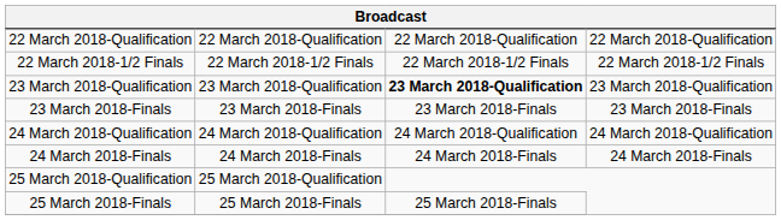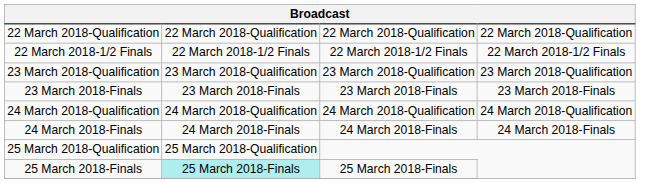 <table class=wikitable style="text-align:center;">
 <tr>
 <th colspan=4>Broadcast</th>
 </tr>
 <tr style="border-top: 2px solid #333333;">
 </tr>
 <tr>
 <td>22 March 2018-Qualification </td>
 <td>22 March 2018-Qualification </td>
 <td>22 March 2018-Qualification </td>
 <td>22 March 2018-Qualification </td>
 </tr>
 <tr>
 <td>22 March 2018-1/2 Finals </td>
 <td>22 March 2018-1/2 Finals </td>
 <td>22 March 2018-1/2 Finals </td>
 <td>22 March 2018-1/2 Finals </td>
 </tr>
 <tr>
 <td>23 March 2018-Qualification </td>
 <td>23 March 2018-Qualification </td>
-<td><strong>23 March 2018-Qualification </strong></td>
+<td>23 March 2018-Qualification </td>
 <td>23 March 2018-Qualification </td>
 </tr>
 <tr>
 <td>23 March 2018-Finals </td>
 <td>23 March 2018-Finals </td>
 <td>23 March 2018-Finals </td>
 <td>23 March 2018-Finals </td>
 </tr>
 <tr>
 <td>24 March 2018-Qualification </td>
 <td>24 March 2018-Qualification </td>
 <td>24 March 2018-Qualification </td>
 <td>24 March 2018-Qualification </td>
 </tr>
 <tr>
 <td>24 March 2018-Finals </td>
 <td>24 March 2018-Finals </td>
 <td>24 March 2018-Finals </td>
 <td>24 March 2018-Finals </td>
 </tr>
 <tr>
 <td>25 March 2018-Qualification </td>
 <td>25 March 2018-Qualification </td>
 </tr>
 <tr>
 <td>25 March 2018-Finals </td>
-<td>25 March 2018-Finals </td>
+<td style="background: paleturquoise;">25 March 2018-Finals </td>
 <td>25 March 2018-Finals </td>
 </tr>
 <tr>
 </tr>
 </table>
